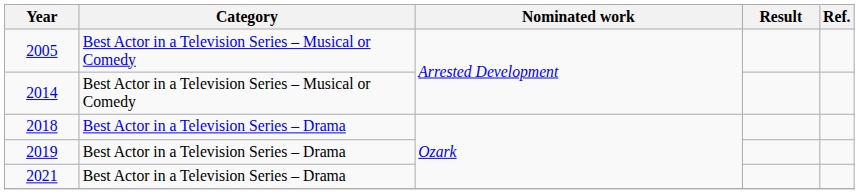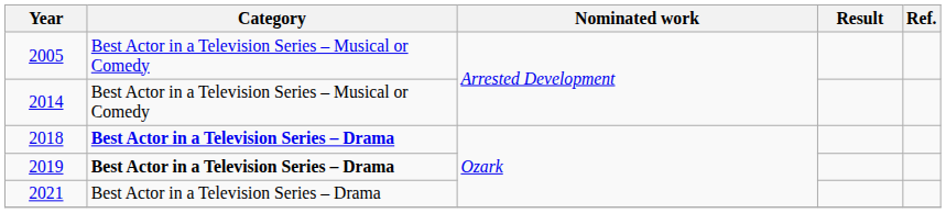 <table class=wikitable>
 <tr>
 <th scope="col" style="width:5em;">Year</th>
 <th scope="col" style="width:26em;">Category</th>
 <th scope="col" style="width:25em;">Nominated work</th>
 <th scope="col" style="width:5em;">Result</th>
 <th>Ref.</th>
 </tr>
 <tr>
 <td style="text-align:center;"><a href='#'>2005</a></td>
 <td><a href='#'>Best Actor in a Television Series – Musical or Comedy</a></td>
 <td rowspan=2><em><a href='#'>Arrested Development</a></em></td>
 <td></td>
 <td style="text-align:center;", rowspan=1></td>
 </tr>
 <tr>
 <td style="text-align:center;"><a href='#'>2014</a></td>
 <td>Best Actor in a Television Series – Musical or Comedy</td>
 <td></td>
 <td style="text-align:center;", rowspan=1></td>
 </tr>
 <tr>
 <td style="text-align:center;"><a href='#'>2018</a></td>
-<td><a href='#'>Best Actor in a Television Series – Drama</a></td>
+<td><strong><a href='#'>Best Actor in a Television Series – Drama</a></strong></td>
 <td rowspan=3><em><a href='#'>Ozark</a></em></td>
 <td></td>
 <td style="text-align:center;", rowspan=1></td>
 </tr>
 <tr>
 <td style="text-align:center;"><a href='#'>2019</a></td>
-<td>Best Actor in a Television Series – Drama</td>
+<td><strong>Best Actor in a Television Series – Drama</strong></td>
 <td></td>
 <td style="text-align:center;", rowspan=1></td>
 </tr>
 <tr>
 <td style="text-align:center;"><a href='#'>2021</a></td>
 <td>Best Actor in a Television Series – Drama</td>
 <td></td>
 <td style="text-align:center;", rowspan=1></td>
 </tr>
 <tr>
 </tr>
 </table>
